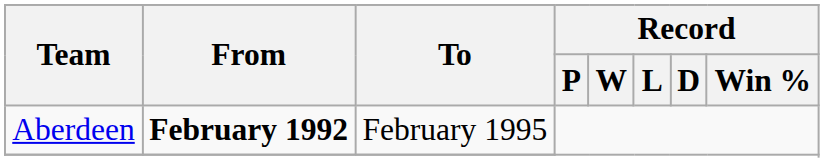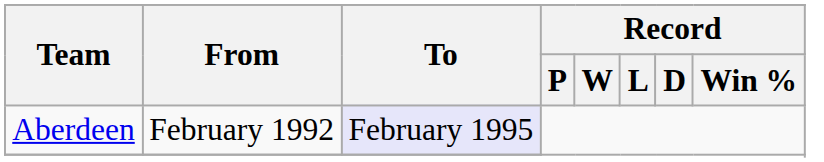 <table class="wikitable" style="text-align: center;">
 <tr>
 <th rowspan="2">Team</th>
 <th rowspan="2">From</th>
 <th rowspan="2">To</th>
 <th colspan="5">Record</th>
 </tr>
 <tr>
 <th>P</th>
 <th>W</th>
 <th>L</th>
 <th>D</th>
 <th>Win %</th>
 </tr>
 <tr>
 <td align=left><a href='#'>Aberdeen</a></td>
-<td align=left><strong>February 1992</strong></td>
-<td align=left>February 1995<br></td>
+<td align=left>February 1992</td>
+<td align=left style="background: lavender;">February 1995<br></td>
 </tr>
 <tr>
 </tr>
 </table>
